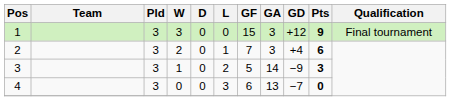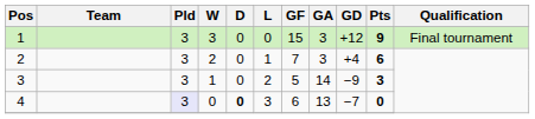 <table class="wikitable" border="1" style="text-align: center;">
 <tr>
 <th width="25"><abbr>Pos</abbr></th>
 <th width="150">Team</th>
 <th width="25"><abbr>Pld</abbr></th>
 <th width="25"><abbr>W</abbr></th>
 <th width="25"><abbr>D</abbr></th>
 <th width="25"><abbr>L</abbr></th>
 <th width="25"><abbr>GF</abbr></th>
 <th width="25"><abbr>GA</abbr></th>
 <th width="25"><abbr>GD</abbr></th>
 <th width="25"><abbr>Pts</abbr></th>
 <th width="150">Qualification</th>
 </tr>
 <tr bgcolor= #D0F0C0>
 <td>1</td>
 <td align="left"></td>
 <td>3</td>
 <td>3</td>
 <td>0</td>
 <td>0</td>
 <td>15</td>
 <td>3</td>
 <td>+12</td>
 <td><strong>9</strong></td>
 <td>Final tournament</td>
 </tr>
 <tr>
 <td>2</td>
 <td align="left"></td>
 <td>3</td>
 <td>2</td>
 <td>0</td>
 <td>1</td>
 <td>7</td>
 <td>3</td>
 <td>+4</td>
 <td><strong>6</strong></td>
 </tr>
 <tr>
 <td>3</td>
 <td align="left"></td>
 <td>3</td>
 <td>1</td>
 <td>0</td>
 <td>2</td>
 <td>5</td>
 <td>14</td>
 <td>−9</td>
 <td><strong>3</strong></td>
 </tr>
 <tr>
 <td>4</td>
 <td align="left"></td>
-<td>3</td>
+<td style="background: lavender;">3</td>
 <td>0</td>
-<td>0</td>
+<td><strong>0</strong></td>
 <td>3</td>
 <td>6</td>
 <td>13</td>
 <td>−7</td>
 <td><strong>0</strong></td>
 </tr>
 <tr>
 </tr>
 </table>
